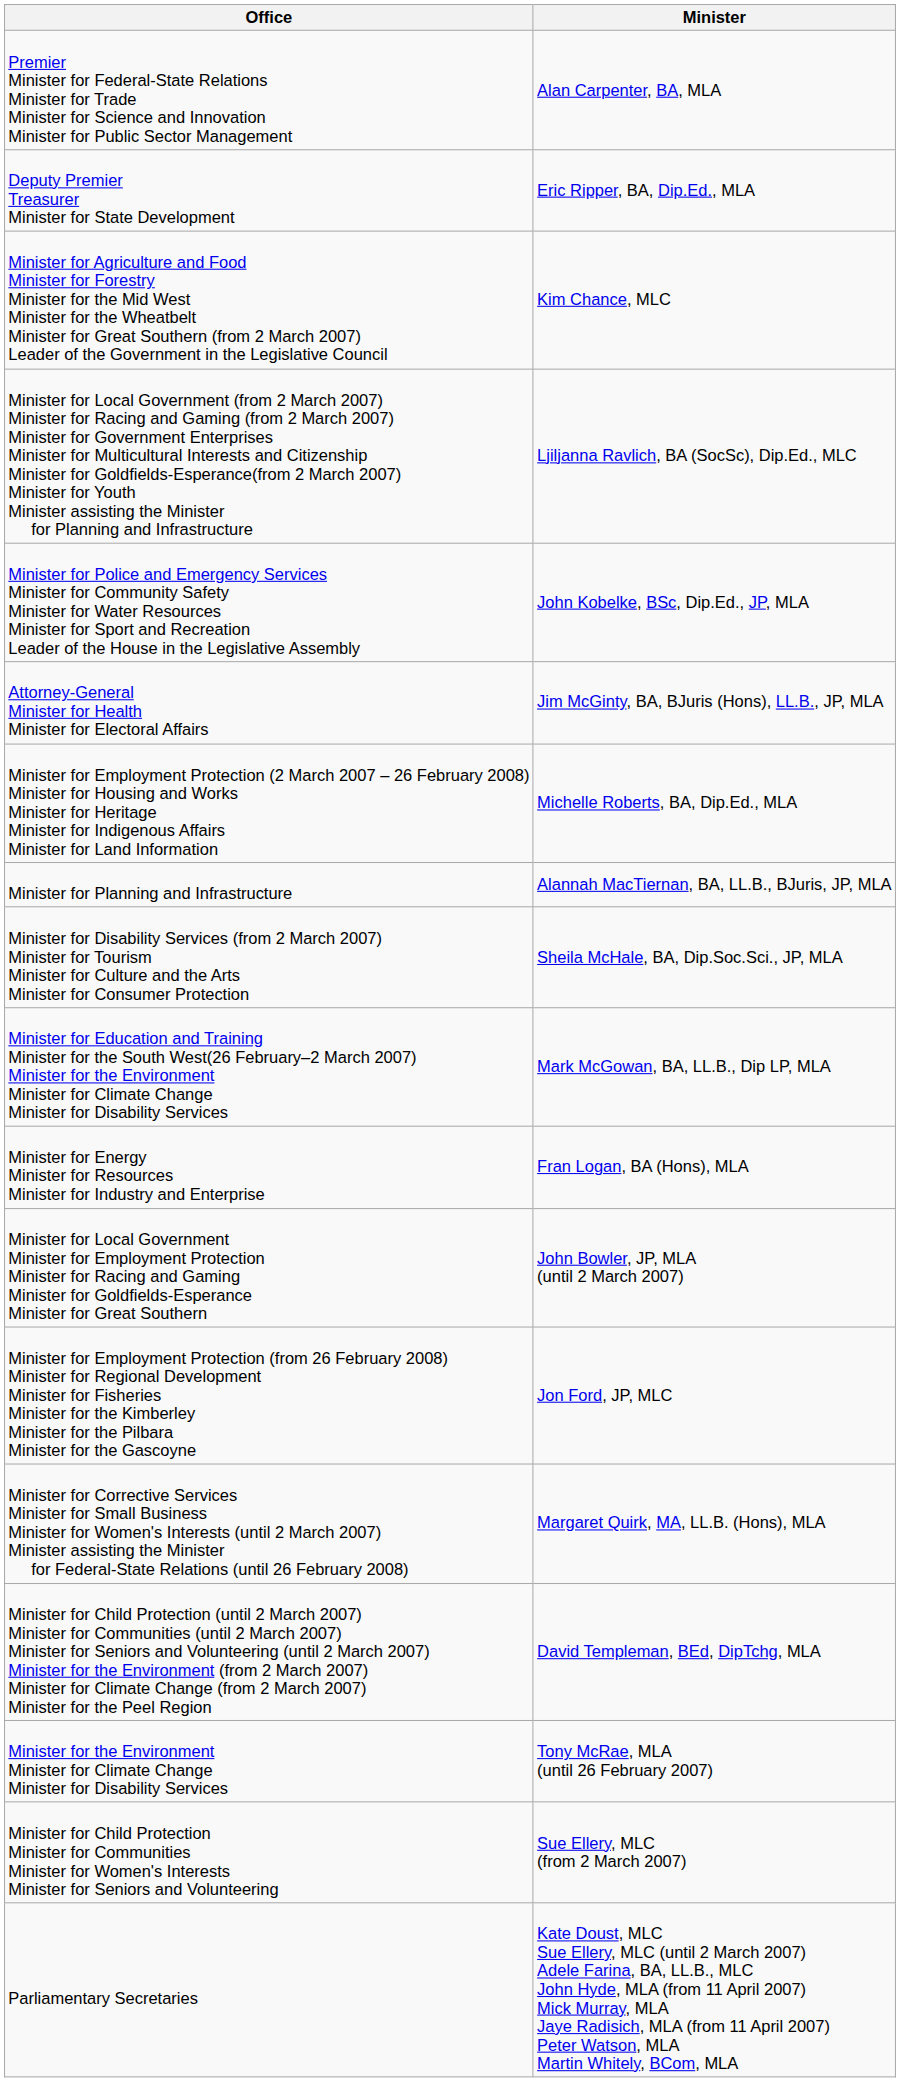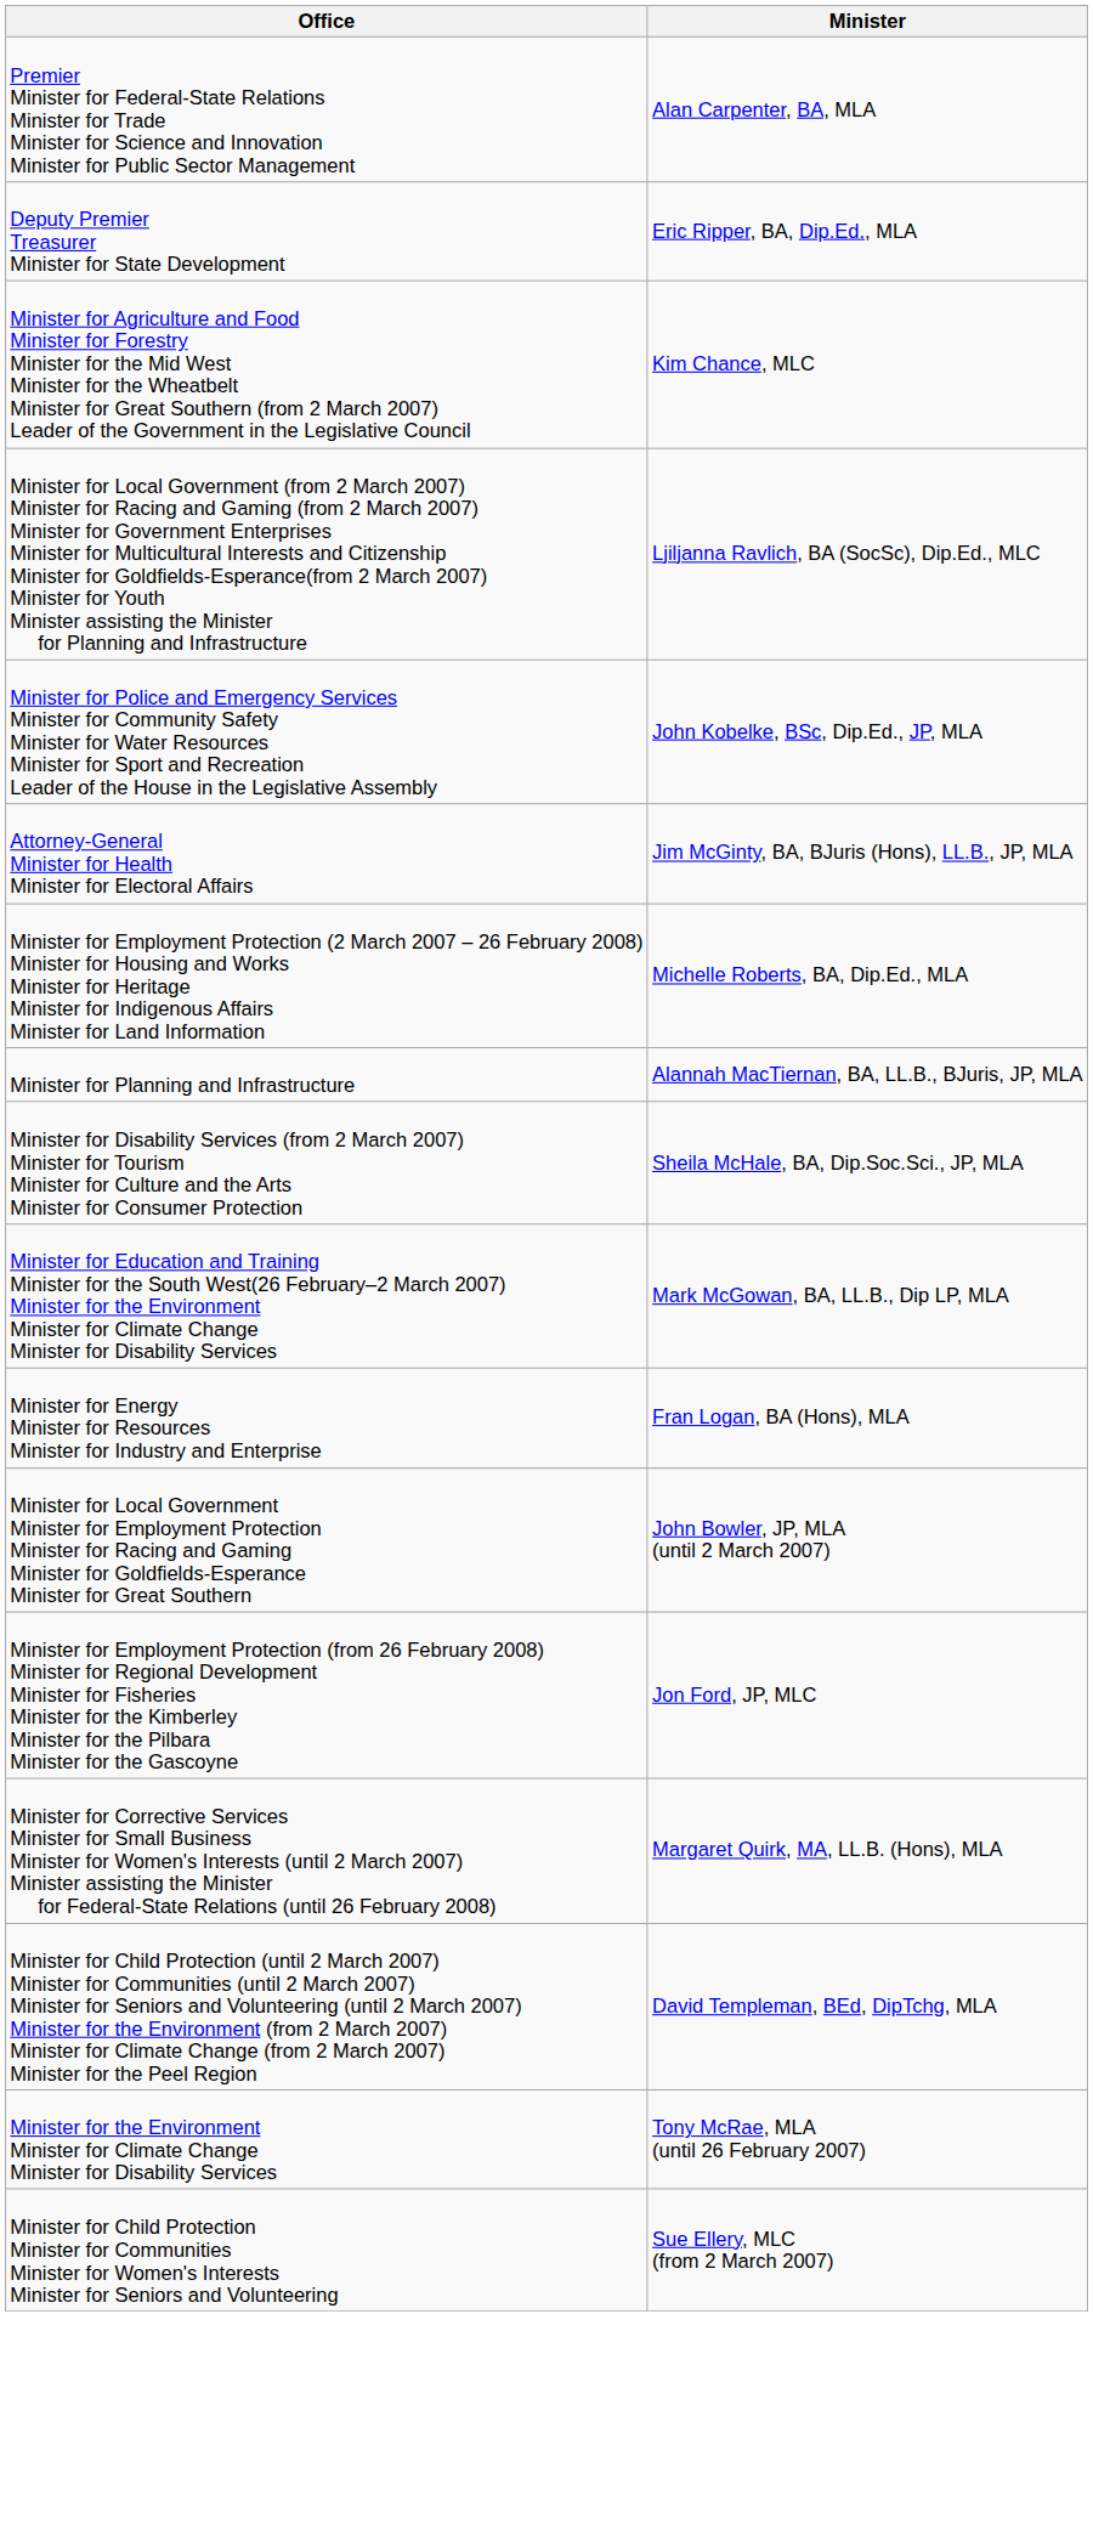 <table class="wikitable">
 <tr>
 <th>Office</th>
 <th>Minister</th>
 </tr>
 <tr>
 <td><br><a href='#'>Premier</a><br> Minister for Federal-State Relations<br> Minister for Trade<br> Minister for Science and Innovation<br> Minister for Public Sector Management<br></td>
 <td><a href='#'>Alan Carpenter</a>, <a href='#'>BA</a>, MLA</td>
 </tr>
 <tr>
 <td><br><a href='#'>Deputy Premier</a><br> <a href='#'>Treasurer</a><br> Minister for State Development</td>
 <td><a href='#'>Eric Ripper</a>, BA, <a href='#'>Dip.Ed.</a>, MLA</td>
 </tr>
 <tr>
 <td><br><a href='#'>Minister for Agriculture and Food</a><br> <a href='#'>Minister for Forestry</a><br> Minister for the Mid West<br> Minister for the Wheatbelt<br> Minister for Great Southern (from 2 March 2007)<br> Leader of the Government in the Legislative Council</td>
 <td><a href='#'>Kim Chance</a>, MLC</td>
 </tr>
 <tr>
 <td><br>Minister for Local Government (from 2 March 2007)<br> Minister for Racing and Gaming (from 2 March 2007)<br> Minister for Government Enterprises<br> Minister for Multicultural Interests and Citizenship<br> Minister for Goldfields-Esperance(from 2 March 2007) <br> Minister for Youth<br> Minister assisting the Minister<br>     for Planning and Infrastructure</td>
 <td><a href='#'>Ljiljanna Ravlich</a>, BA (SocSc), Dip.Ed., MLC</td>
 </tr>
 <tr>
 <td><br><a href='#'>Minister for Police and Emergency Services</a><br> Minister for Community Safety<br> Minister for Water Resources<br> Minister for Sport and Recreation<br> Leader of the House in the Legislative Assembly</td>
 <td><a href='#'>John Kobelke</a>, <a href='#'>BSc</a>, Dip.Ed., <a href='#'>JP</a>, MLA</td>
 </tr>
 <tr>
 <td><br><a href='#'>Attorney-General</a><br> <a href='#'>Minister for Health</a><br> Minister for Electoral Affairs</td>
 <td><a href='#'>Jim McGinty</a>, BA, BJuris (Hons), <a href='#'>LL.B.</a>, JP, MLA</td>
 </tr>
 <tr>
 <td><br>Minister for Employment Protection (2 March 2007 – 26 February 2008)<br> Minister for Housing and Works<br> Minister for Heritage<br> Minister for Indigenous Affairs<br> Minister for Land Information</td>
 <td><a href='#'>Michelle Roberts</a>, BA, Dip.Ed., MLA</td>
 </tr>
 <tr>
 <td><br>Minister for Planning and Infrastructure</td>
 <td><a href='#'>Alannah MacTiernan</a>, BA, LL.B., BJuris, JP, MLA</td>
 </tr>
 <tr>
 <td><br>Minister for Disability Services (from 2 March 2007)<br> Minister for Tourism<br> Minister for Culture and the Arts<br> Minister for Consumer Protection</td>
 <td><a href='#'>Sheila McHale</a>, BA, Dip.Soc.Sci., JP, MLA</td>
 </tr>
 <tr>
 <td><br><a href='#'>Minister for Education and Training</a><br> Minister for the South West(26 February–2 March 2007)<br> <a href='#'>Minister for the Environment</a><br> Minister for Climate Change<br> Minister for Disability Services</td>
 <td><a href='#'>Mark McGowan</a>, BA, LL.B., Dip LP, MLA</td>
 </tr>
 <tr>
 <td><br>Minister for Energy<br> Minister for Resources<br> Minister for Industry and Enterprise</td>
 <td><a href='#'>Fran Logan</a>, BA (Hons), MLA</td>
 </tr>
 <tr>
 <td><br>Minister for Local Government<br> Minister for Employment Protection<br> Minister for Racing and Gaming<br> Minister for Goldfields-Esperance<br> Minister for Great Southern</td>
 <td><a href='#'>John Bowler</a>, JP, MLA<br>(until 2 March 2007)</td>
 </tr>
 <tr>
 <td><br>Minister for Employment Protection (from 26 February 2008)<br> Minister for Regional Development<br> Minister for Fisheries<br> Minister for the Kimberley<br> Minister for the Pilbara<br> Minister for the Gascoyne</td>
 <td><a href='#'>Jon Ford</a>, JP, MLC</td>
 </tr>
 <tr>
 <td><br>Minister for Corrective Services<br> Minister for Small Business<br> Minister for Women's Interests (until 2 March 2007)<br> Minister assisting the Minister<br>     for Federal-State Relations (until 26 February 2008)</td>
 <td><a href='#'>Margaret Quirk</a>, <a href='#'>MA</a>, LL.B. (Hons), MLA</td>
 </tr>
 <tr>
 <td><br>Minister for Child Protection (until 2 March 2007)<br> Minister for Communities (until 2 March 2007)<br> Minister for Seniors and Volunteering (until 2 March 2007)<br> <a href='#'>Minister for the Environment</a> (from 2 March 2007)<br> Minister for Climate Change (from 2 March 2007)<br> Minister for the Peel Region</td>
 <td><a href='#'>David Templeman</a>, <a href='#'>BEd</a>, <a href='#'>DipTchg</a>, MLA</td>
 </tr>
 <tr>
 <td><br><a href='#'>Minister for the Environment</a><br> Minister for Climate Change<br> Minister for Disability Services</td>
 <td><a href='#'>Tony McRae</a>, MLA<br>(until 26 February 2007)</td>
 </tr>
 <tr>
 <td><br>Minister for Child Protection<br> Minister for Communities<br> Minister for Women's Interests<br> Minister for Seniors and Volunteering</td>
 <td><a href='#'>Sue Ellery</a>, MLC<br>(from 2 March 2007)</td>
 </tr>
-<tr>
-<td><br>Parliamentary Secretaries</td>
-<td><br><a href='#'>Kate Doust</a>, MLC<br> <a href='#'>Sue Ellery</a>, MLC (until 2 March 2007)<br> <a href='#'>Adele Farina</a>, BA, LL.B., MLC<br> <a href='#'>John Hyde</a>, MLA (from 11 April 2007)<br> <a href='#'>Mick Murray</a>, MLA<br> <a href='#'>Jaye Radisich</a>, MLA (from 11 April 2007)<br> <a href='#'>Peter Watson</a>, MLA<br> <a href='#'>Martin Whitely</a>, <a href='#'>BCom</a>, MLA</td>
-</tr>
 </table>
